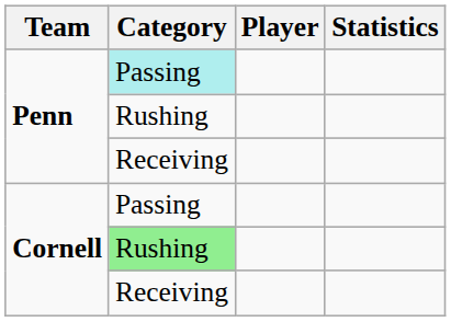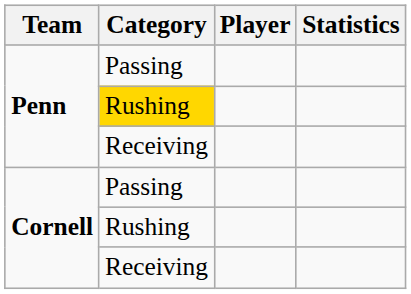 <table class="wikitable" style="float: right;">
 <tr>
 <th>Team</th>
 <th>Category</th>
 <th>Player</th>
 <th>Statistics</th>
 </tr>
 <tr>
 <td rowspan=3><strong>Penn</strong></td>
-<td style="background: paleturquoise;">Passing</td>
+<td>Passing</td>
 <td></td>
 <td></td>
 </tr>
 <tr>
-<td>Rushing</td>
+<td style="background: gold;">Rushing</td>
 <td></td>
 <td></td>
 </tr>
 <tr>
 <td>Receiving</td>
 <td></td>
 <td></td>
 </tr>
 <tr>
 <td rowspan=3><strong>Cornell</strong></td>
 <td>Passing</td>
 <td></td>
 <td></td>
 </tr>
 <tr>
-<td style="background: lightgreen;">Rushing</td>
+<td>Rushing</td>
 <td></td>
 <td></td>
 </tr>
 <tr>
 <td>Receiving</td>
 <td></td>
 <td></td>
 </tr>
 </table>
